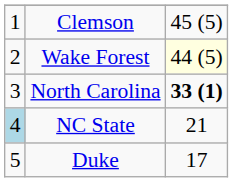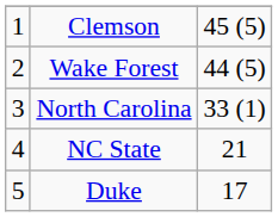 <table class="wikitable" style="display: inline-table;">
 <tr align="center">
 </tr>
 <tr align="center">
 <td>1</td>
 <td><a href='#'>Clemson</a></td>
 <td>45 (5)</td>
 </tr>
 <tr align="center">
 <td>2</td>
 <td><a href='#'>Wake Forest</a></td>
-<td style="background: lightyellow;">44 (5)</td>
+<td>44 (5)</td>
 </tr>
 <tr align="center">
 <td>3</td>
 <td><a href='#'>North Carolina</a></td>
-<td><strong>33 (1)</strong></td>
+<td>33 (1)</td>
 </tr>
 <tr align="center">
-<td style="background: lightblue;">4</td>
+<td>4</td>
 <td><a href='#'>NC State</a></td>
 <td>21</td>
 </tr>
 <tr align="center">
 <td>5</td>
 <td><a href='#'>Duke</a></td>
 <td>17</td>
 </tr>
 </table>
